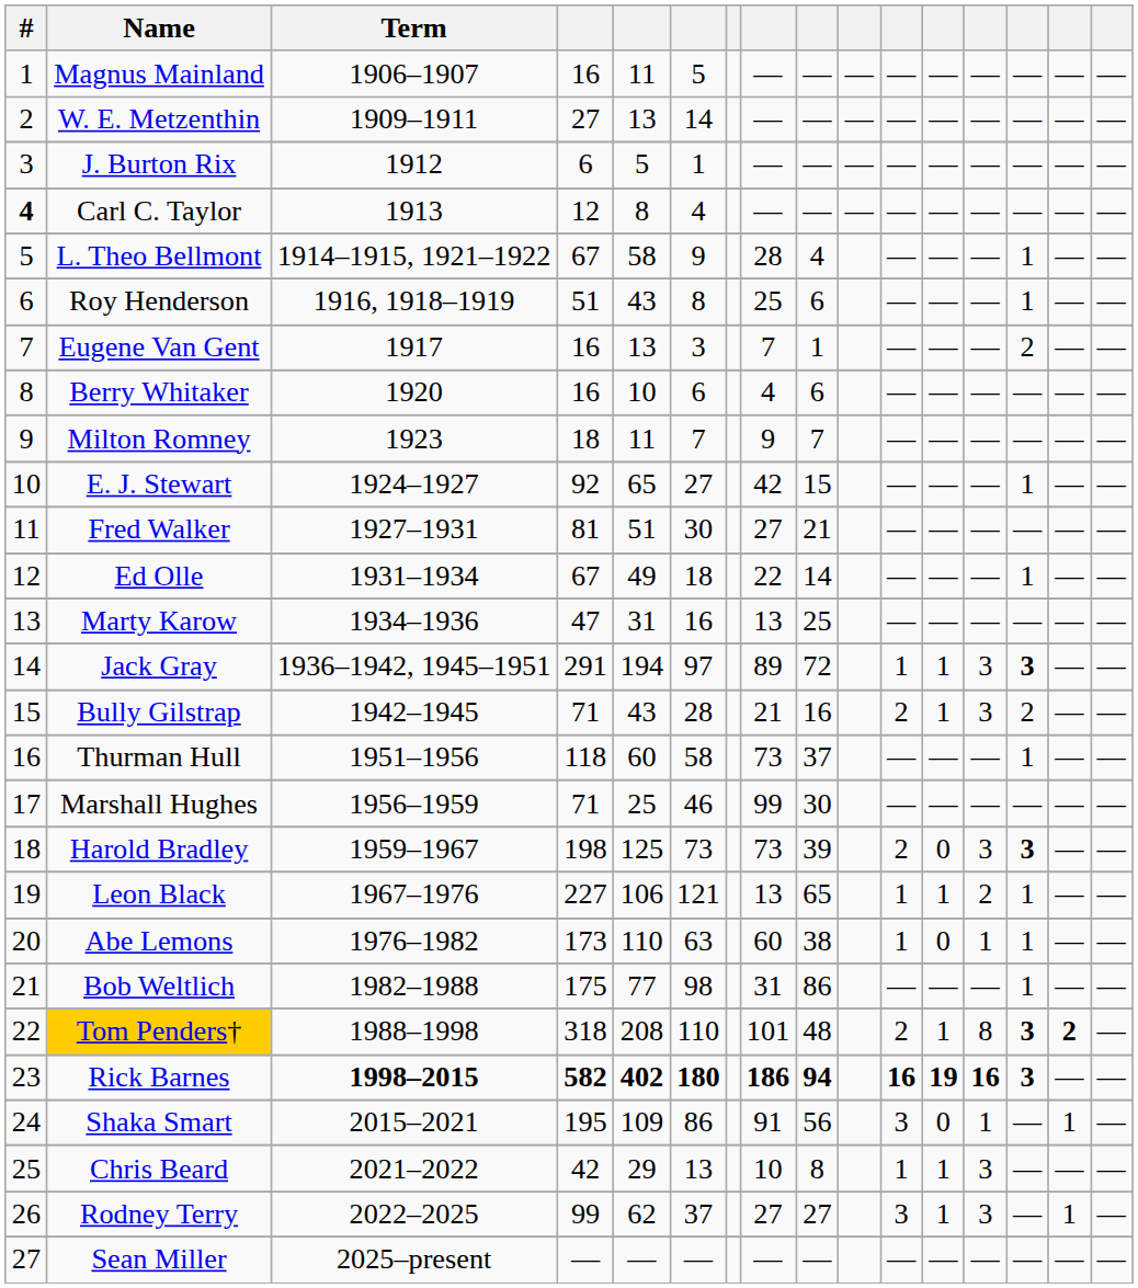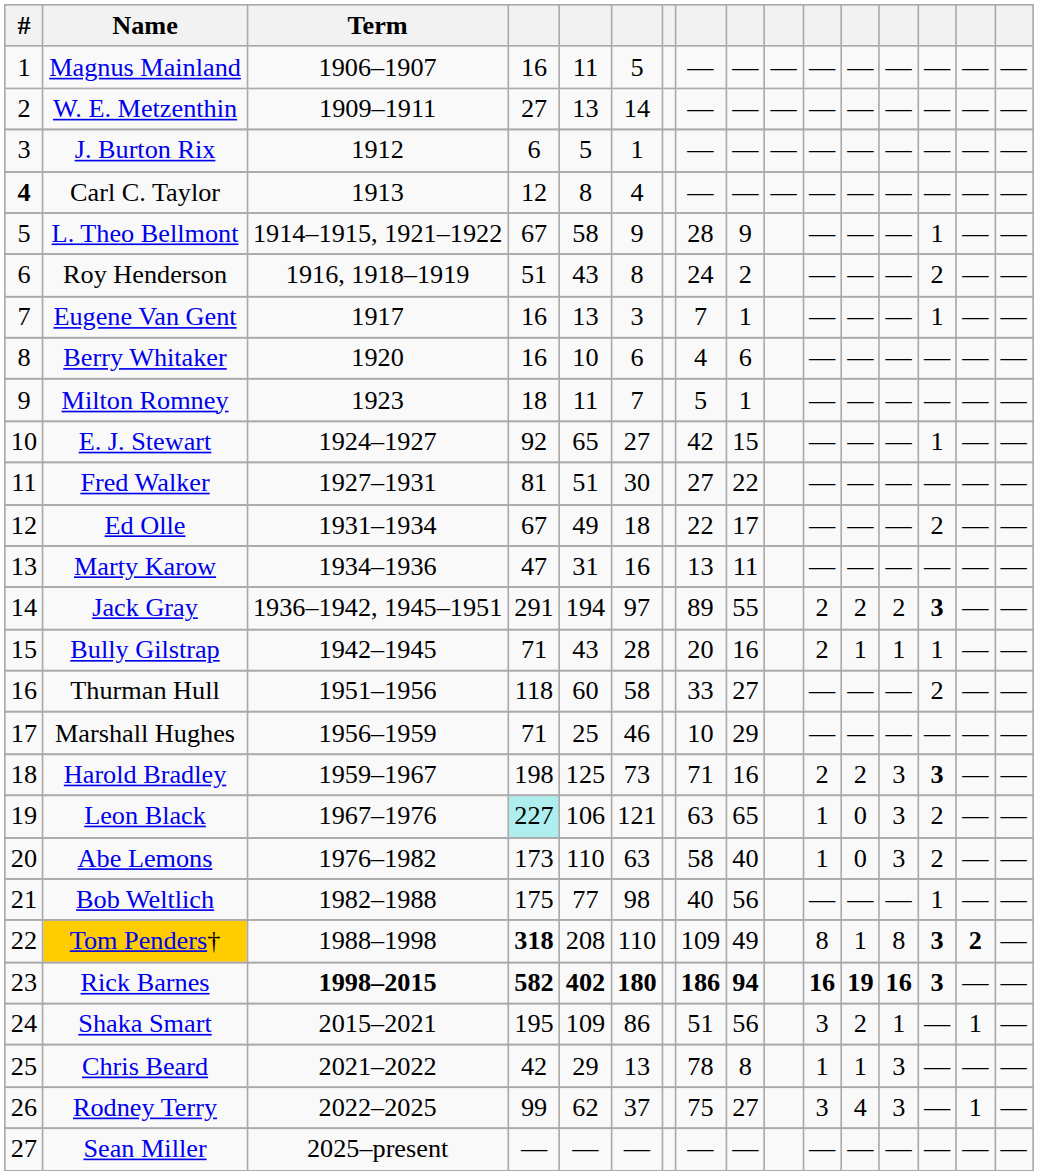 <table class="wikitable sortable" style="text-align:center;">
 <tr>
 <th scope="col">#</th>
 <th scope="col">Name</th>
 <th scope="col">Term</th>
 <th scope="col"></th>
 <th scope="col"></th>
 <th scope="col"></th>
 <th scope="col"></th>
 <th scope="col"></th>
 <th scope="col"></th>
 <th scope="col"></th>
 <th scope="col"></th>
 <th scope="col"></th>
 <th scope="col"></th>
 <th scope="col"></th>
 <th scope="col"></th>
 <th scope="col"></th>
 </tr>
 <tr>
 <td>1</td>
 <td><a href='#'>Magnus Mainland</a></td>
 <td>1906–1907</td>
 <td>16</td>
 <td>11</td>
 <td>5</td>
 <td></td>
 <td>—</td>
 <td>—</td>
 <td>—</td>
 <td>—</td>
 <td>—</td>
 <td>—</td>
 <td>—</td>
 <td>—</td>
 <td>—</td>
 </tr>
 <tr>
 <td>2</td>
 <td><a href='#'>W. E. Metzenthin</a></td>
 <td>1909–1911</td>
 <td>27</td>
 <td>13</td>
 <td>14</td>
 <td></td>
 <td>—</td>
 <td>—</td>
 <td>—</td>
 <td>—</td>
 <td>—</td>
 <td>—</td>
 <td>—</td>
 <td>—</td>
 <td>—</td>
 </tr>
 <tr>
 </tr>
 <tr>
 <td>3</td>
 <td><a href='#'>J. Burton Rix</a></td>
 <td>1912</td>
 <td>6</td>
 <td>5</td>
 <td>1</td>
 <td></td>
 <td>—</td>
 <td>—</td>
 <td>—</td>
 <td>—</td>
 <td>—</td>
 <td>—</td>
 <td>—</td>
 <td>—</td>
 <td>—</td>
 </tr>
 <tr>
 </tr>
 <tr>
 <td><strong>4</strong></td>
 <td>Carl C. Taylor</td>
 <td>1913</td>
 <td>12</td>
 <td>8</td>
 <td>4</td>
 <td></td>
 <td>—</td>
 <td>—</td>
 <td>—</td>
 <td>—</td>
 <td>—</td>
 <td>—</td>
 <td>—</td>
 <td>—</td>
 <td>—</td>
 </tr>
 <tr>
 </tr>
 <tr>
 <td>5</td>
 <td><a href='#'>L. Theo Bellmont</a></td>
 <td>1914–1915, 1921–1922</td>
 <td>67</td>
 <td>58</td>
 <td>9</td>
 <td><strong></strong></td>
 <td>28</td>
-<td>4</td>
+<td>9</td>
 <td></td>
 <td>—</td>
 <td>—</td>
 <td>—</td>
 <td>1</td>
 <td>—</td>
 <td>—</td>
 </tr>
 <tr>
 </tr>
 <tr>
 <td>6</td>
 <td>Roy Henderson</td>
 <td>1916, 1918–1919</td>
 <td>51</td>
 <td>43</td>
 <td>8</td>
 <td></td>
-<td>25</td>
-<td>6</td>
+<td>24</td>
+<td>2</td>
 <td></td>
 <td>—</td>
 <td>—</td>
 <td>—</td>
-<td>1</td>
+<td>2</td>
 <td>—</td>
 <td>—</td>
 </tr>
 <tr>
 </tr>
 <tr>
 <td>7</td>
 <td><a href='#'>Eugene Van Gent</a></td>
 <td>1917</td>
 <td>16</td>
 <td>13</td>
 <td>3</td>
 <td></td>
 <td>7</td>
 <td>1</td>
 <td></td>
 <td>—</td>
 <td>—</td>
 <td>—</td>
-<td>2</td>
+<td>1</td>
 <td>—</td>
 <td>—</td>
 </tr>
 <tr>
 </tr>
 <tr>
 <td>8</td>
 <td><a href='#'>Berry Whitaker</a></td>
 <td>1920</td>
 <td>16</td>
 <td>10</td>
 <td>6</td>
 <td></td>
 <td>4</td>
 <td>6</td>
 <td></td>
 <td>—</td>
 <td>—</td>
 <td>—</td>
 <td>—</td>
 <td>—</td>
 <td>—</td>
 </tr>
 <tr>
 </tr>
 <tr>
 <td>9</td>
 <td><a href='#'>Milton Romney</a></td>
 <td>1923</td>
 <td>18</td>
 <td>11</td>
 <td>7</td>
 <td></td>
-<td>9</td>
-<td>7</td>
+<td>5</td>
+<td>1</td>
 <td></td>
 <td>—</td>
 <td>—</td>
 <td>—</td>
 <td>—</td>
 <td>—</td>
 <td>—</td>
 </tr>
 <tr>
 </tr>
 <tr>
 <td>10</td>
 <td><a href='#'>E. J. Stewart</a></td>
 <td>1924–1927</td>
 <td>92</td>
 <td>65</td>
 <td>27</td>
 <td></td>
 <td>42</td>
 <td>15</td>
 <td></td>
 <td>—</td>
 <td>—</td>
 <td>—</td>
 <td>1</td>
 <td>—</td>
 <td>—</td>
 </tr>
 <tr>
 </tr>
 <tr>
 <td>11</td>
 <td><a href='#'>Fred Walker</a></td>
 <td>1927–1931</td>
 <td>81</td>
 <td>51</td>
 <td>30</td>
 <td></td>
 <td>27</td>
-<td>21</td>
+<td>22</td>
 <td></td>
 <td>—</td>
 <td>—</td>
 <td>—</td>
 <td>—</td>
 <td>—</td>
 <td>—</td>
 </tr>
 <tr>
 </tr>
 <tr>
 <td>12</td>
 <td><a href='#'>Ed Olle</a></td>
 <td>1931–1934</td>
 <td>67</td>
 <td>49</td>
 <td>18</td>
 <td></td>
 <td>22</td>
-<td>14</td>
+<td>17</td>
 <td></td>
 <td>—</td>
 <td>—</td>
 <td>—</td>
-<td>1</td>
+<td>2</td>
 <td>—</td>
 <td>—</td>
 </tr>
 <tr>
 </tr>
 <tr>
 <td>13</td>
 <td><a href='#'>Marty Karow</a></td>
 <td>1934–1936</td>
 <td>47</td>
 <td>31</td>
 <td>16</td>
 <td></td>
 <td>13</td>
-<td>25</td>
+<td>11</td>
 <td></td>
 <td>—</td>
 <td>—</td>
 <td>—</td>
 <td>—</td>
 <td>—</td>
 <td>—</td>
 </tr>
 <tr>
 </tr>
 <tr>
 <td>14</td>
 <td><a href='#'>Jack Gray</a></td>
 <td>1936–1942, 1945–1951</td>
 <td>291</td>
 <td>194</td>
 <td>97</td>
 <td></td>
 <td>89</td>
-<td>72</td>
+<td>55</td>
 <td></td>
-<td>1</td>
-<td>1</td>
-<td>3</td>
+<td>2</td>
+<td>2</td>
+<td>2</td>
 <td><strong>3</strong></td>
 <td>—</td>
 <td>—</td>
 </tr>
 <tr>
 </tr>
 <tr>
 <td>15</td>
 <td><a href='#'>Bully Gilstrap</a></td>
 <td>1942–1945</td>
 <td>71</td>
 <td>43</td>
 <td>28</td>
 <td></td>
-<td>21</td>
+<td>20</td>
 <td>16</td>
 <td></td>
 <td>2</td>
 <td>1</td>
-<td>3</td>
-<td>2</td>
+<td>1</td>
+<td>1</td>
 <td>—</td>
 <td>—</td>
 </tr>
 <tr>
 </tr>
 <tr>
 <td>16</td>
 <td>Thurman Hull</td>
 <td>1951–1956</td>
 <td>118</td>
 <td>60</td>
 <td>58</td>
 <td></td>
-<td>73</td>
-<td>37</td>
+<td>33</td>
+<td>27</td>
 <td></td>
 <td>—</td>
 <td>—</td>
 <td>—</td>
-<td>1</td>
+<td>2</td>
 <td>—</td>
 <td>—</td>
 </tr>
 <tr>
 </tr>
 <tr>
 <td>17</td>
 <td>Marshall Hughes</td>
 <td>1956–1959</td>
 <td>71</td>
 <td>25</td>
 <td>46</td>
 <td></td>
-<td>99</td>
-<td>30</td>
+<td>10</td>
+<td>29</td>
 <td></td>
 <td>—</td>
 <td>—</td>
 <td>—</td>
 <td>—</td>
 <td>—</td>
 <td>—</td>
 </tr>
 <tr>
 </tr>
 <tr>
 <td>18</td>
 <td><a href='#'>Harold Bradley</a></td>
 <td>1959–1967</td>
 <td>198</td>
 <td>125</td>
 <td>73</td>
 <td></td>
-<td>73</td>
-<td>39</td>
+<td>71</td>
+<td>16</td>
 <td></td>
 <td>2</td>
-<td>0</td>
+<td>2</td>
 <td>3</td>
 <td><strong>3</strong></td>
 <td>—</td>
 <td>—</td>
 </tr>
 <tr>
 </tr>
 <tr>
 <td>19</td>
 <td><a href='#'>Leon Black</a></td>
 <td>1967–1976</td>
-<td>227</td>
+<td style="background: paleturquoise;">227</td>
 <td>106</td>
 <td>121</td>
 <td></td>
-<td>13</td>
+<td>63</td>
 <td>65</td>
 <td></td>
 <td>1</td>
-<td>1</td>
+<td>0</td>
+<td>3</td>
 <td>2</td>
-<td>1</td>
 <td>—</td>
 <td>—</td>
 </tr>
 <tr>
 </tr>
 <tr>
 <td>20</td>
 <td><a href='#'>Abe Lemons</a></td>
 <td>1976–1982</td>
 <td>173</td>
 <td>110</td>
 <td>63</td>
 <td></td>
-<td>60</td>
-<td>38</td>
+<td>58</td>
+<td>40</td>
 <td></td>
 <td>1</td>
 <td>0</td>
-<td>1</td>
-<td>1</td>
+<td>3</td>
+<td>2</td>
 <td>—</td>
 <td>—</td>
 </tr>
 <tr>
 </tr>
 <tr>
 <td>21</td>
 <td><a href='#'>Bob Weltlich</a></td>
 <td>1982–1988</td>
 <td>175</td>
 <td>77</td>
 <td>98</td>
 <td></td>
-<td>31</td>
-<td>86</td>
+<td>40</td>
+<td>56</td>
 <td></td>
 <td>—</td>
 <td>—</td>
 <td>—</td>
 <td>1</td>
 <td>—</td>
 <td>—</td>
 </tr>
 <tr>
 </tr>
 <tr>
 <td>22</td>
 <td bgcolor=#FFCC00><a href='#'>Tom Penders</a>†</td>
 <td>1988–1998</td>
-<td>318</td>
+<td><strong>318</strong></td>
 <td>208</td>
 <td>110</td>
 <td></td>
-<td>101</td>
-<td>48</td>
+<td>109</td>
+<td>49</td>
 <td></td>
-<td>2</td>
+<td>8</td>
 <td>1</td>
 <td>8</td>
 <td><strong>3</strong></td>
 <td><strong>2</strong></td>
 <td>—</td>
 </tr>
 <tr>
 </tr>
 <tr>
 <td>23</td>
 <td><a href='#'>Rick Barnes</a></td>
 <td><strong>1998–2015</strong></td>
 <td><strong>582</strong></td>
 <td><strong>402</strong></td>
 <td><strong>180</strong></td>
 <td></td>
 <td><strong>186</strong></td>
 <td><strong>94</strong></td>
 <td></td>
 <td><strong>16</strong></td>
 <td><strong>19</strong></td>
 <td><strong>16</strong></td>
 <td><strong>3</strong></td>
 <td>—</td>
 <td>—</td>
 </tr>
 <tr>
 </tr>
 <tr>
 <td>24</td>
 <td><a href='#'>Shaka Smart</a></td>
 <td>2015–2021</td>
 <td>195</td>
 <td>109</td>
 <td>86</td>
 <td></td>
-<td>91</td>
+<td>51</td>
 <td>56</td>
 <td></td>
 <td>3</td>
-<td>0</td>
+<td>2</td>
 <td>1</td>
 <td>—</td>
 <td>1</td>
 <td>—</td>
 </tr>
 <tr>
 </tr>
 <tr>
 <td>25</td>
 <td><a href='#'>Chris Beard</a></td>
 <td>2021–2022</td>
 <td>42</td>
 <td>29</td>
 <td>13</td>
 <td></td>
-<td>10</td>
+<td>78</td>
 <td>8</td>
 <td></td>
 <td>1</td>
 <td>1</td>
 <td>3</td>
 <td>—</td>
 <td>—</td>
 <td>—</td>
 </tr>
 <tr>
 </tr>
 <tr>
 <td>26</td>
 <td><a href='#'>Rodney Terry</a></td>
 <td>2022–2025</td>
 <td>99</td>
 <td>62</td>
 <td>37</td>
 <td></td>
-<td>27</td>
+<td>75</td>
 <td>27</td>
 <td></td>
 <td>3</td>
-<td>1</td>
+<td>4</td>
 <td>3</td>
 <td>—</td>
 <td>1</td>
 <td>—</td>
 </tr>
 <tr>
 </tr>
 <tr>
 <td>27</td>
 <td><a href='#'>Sean Miller</a></td>
 <td>2025–present</td>
 <td>—</td>
 <td>—</td>
 <td>—</td>
 <td></td>
 <td>—</td>
 <td>—</td>
 <td></td>
 <td>—</td>
 <td>—</td>
 <td>—</td>
 <td>—</td>
 <td>—</td>
 <td>—</td>
 </tr>
 <tr>
 </tr>
 </table>
